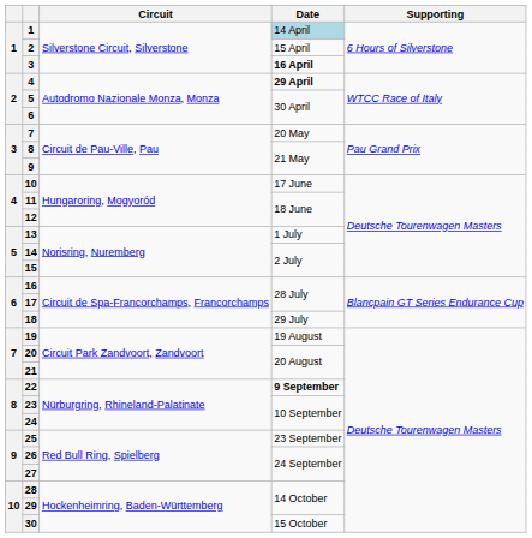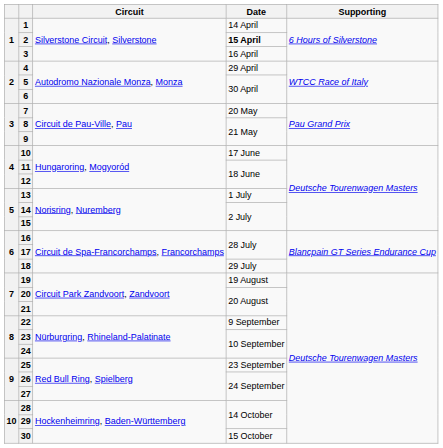 <table class="wikitable" style="font-size: 85%">
 <tr>
 <th></th>
 <th></th>
 <th>Circuit</th>
 <th>Date</th>
 <th>Supporting</th>
 </tr>
 <tr>
 <th rowspan=3>1</th>
 <th>1</th>
 <td rowspan=3> <a href='#'>Silverstone Circuit</a>, <a href='#'>Silverstone</a></td>
-<td style="background: lightblue;">14 April</td>
+<td>14 April</td>
 <td rowspan=3><a href='#'><em>6 Hours of Silverstone</em></a></td>
 </tr>
 <tr>
 <th>2</th>
-<td>15 April</td>
+<td><strong>15 April</strong></td>
 </tr>
 <tr>
 <th>3</th>
-<td><strong>16 April</strong></td>
+<td>16 April</td>
 </tr>
 <tr>
 <th rowspan=3>2</th>
 <th>4</th>
 <td rowspan=3> <a href='#'>Autodromo Nazionale Monza</a>, <a href='#'>Monza</a></td>
-<td><strong>29 April</strong></td>
+<td>29 April</td>
 <td rowspan=3><a href='#'><em>WTCC Race of Italy</em></a></td>
 </tr>
 <tr>
 <th>5</th>
 <td rowspan=2>30 April</td>
 </tr>
 <tr>
 <th>6</th>
 </tr>
 <tr>
 <th rowspan=3>3</th>
 <th>7</th>
 <td rowspan=3> <a href='#'>Circuit de Pau-Ville</a>, <a href='#'>Pau</a></td>
 <td>20 May</td>
 <td rowspan=3><em><a href='#'>Pau Grand Prix</a></em></td>
 </tr>
 <tr>
 <th>8</th>
 <td rowspan=2>21 May</td>
 </tr>
 <tr>
 <th>9</th>
 </tr>
 <tr>
 <th rowspan=3>4</th>
 <th>10</th>
 <td rowspan=3> <a href='#'>Hungaroring</a>, <a href='#'>Mogyoród</a></td>
 <td>17 June</td>
 <td rowspan=6><em><a href='#'>Deutsche Tourenwagen Masters</a></em></td>
 </tr>
 <tr>
 <th>11</th>
 <td rowspan=2>18 June</td>
 </tr>
 <tr>
 <th>12</th>
 </tr>
 <tr>
 <th rowspan=3>5</th>
 <th>13</th>
 <td rowspan=3> <a href='#'>Norisring</a>, <a href='#'>Nuremberg</a></td>
 <td>1 July</td>
 </tr>
 <tr>
 <th>14</th>
 <td rowspan=2>2 July</td>
 </tr>
 <tr>
 <th>15</th>
 </tr>
 <tr>
 <th rowspan=3>6</th>
 <th>16</th>
 <td rowspan=3> <a href='#'>Circuit de Spa-Francorchamps</a>, <a href='#'>Francorchamps</a></td>
 <td rowspan=2>28 July</td>
 <td rowspan=3><em><a href='#'>Blancpain GT Series Endurance Cup</a></em></td>
 </tr>
 <tr>
 <th>17</th>
 </tr>
 <tr>
 <th>18</th>
 <td>29 July</td>
 </tr>
 <tr>
 <th rowspan=3>7</th>
 <th>19</th>
 <td rowspan=3> <a href='#'>Circuit Park Zandvoort</a>, <a href='#'>Zandvoort</a></td>
 <td>19 August</td>
 <td rowspan=12><em><a href='#'>Deutsche Tourenwagen Masters</a></em></td>
 </tr>
 <tr>
 <th>20</th>
 <td rowspan=2>20 August</td>
 </tr>
 <tr>
 <th>21</th>
 </tr>
 <tr>
 <th rowspan=3>8</th>
 <th>22</th>
 <td rowspan=3> <a href='#'>Nürburgring</a>, <a href='#'>Rhineland-Palatinate</a></td>
-<td><strong>9 September</strong></td>
+<td>9 September</td>
 </tr>
 <tr>
 <th>23</th>
 <td rowspan=2>10 September</td>
 </tr>
 <tr>
 <th>24</th>
 </tr>
 <tr>
 <th rowspan=3>9</th>
 <th>25</th>
 <td rowspan=3> <a href='#'>Red Bull Ring</a>, <a href='#'>Spielberg</a></td>
 <td>23 September</td>
 </tr>
 <tr>
 <th>26</th>
 <td rowspan=2>24 September</td>
 </tr>
 <tr>
 <th>27</th>
 </tr>
 <tr>
 <th rowspan=3>10</th>
 <th>28</th>
 <td rowspan=3> <a href='#'>Hockenheimring</a>, <a href='#'>Baden-Württemberg</a></td>
 <td rowspan=2>14 October</td>
 </tr>
 <tr>
 <th>29</th>
 </tr>
 <tr>
 <th>30</th>
 <td>15 October</td>
 </tr>
 </table>
